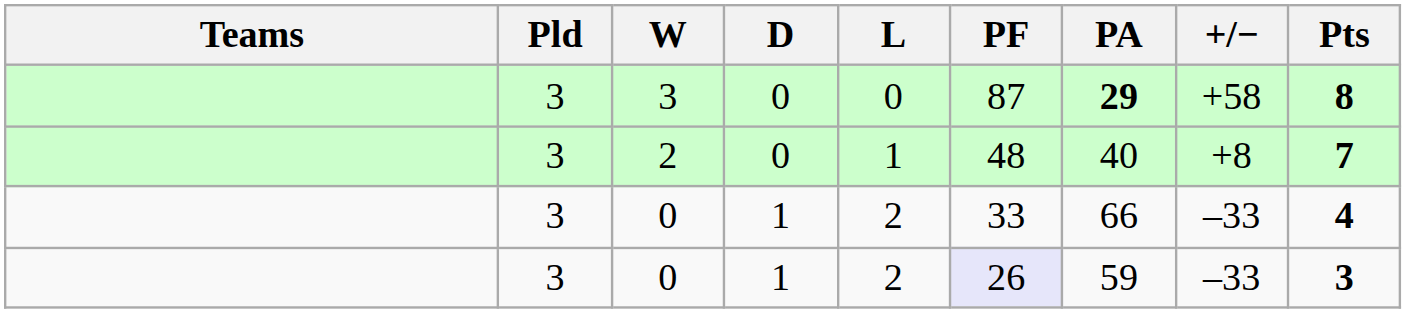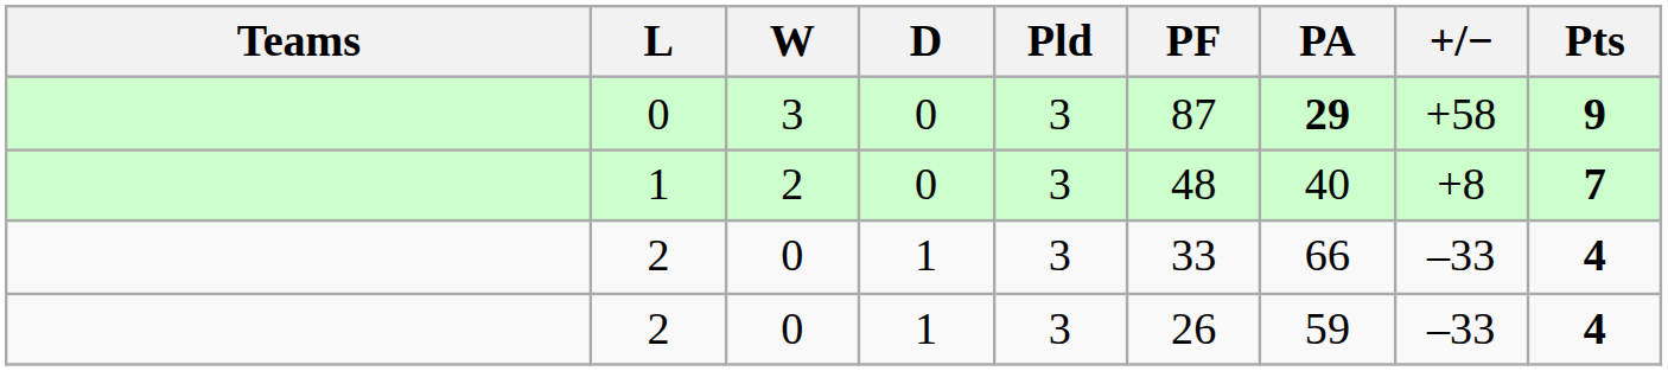 <table class="wikitable" style="text-align: center;">
 <tr>
 <th width="200">Teams</th>
-<th width="40">Pld</th>
+<th width="40">L</th>
 <th width="40">W</th>
 <th width="40">D</th>
-<th width="40">L</th>
+<th width="40">Pld</th>
 <th width="40">PF</th>
 <th width="40">PA</th>
 <th width="40">+/−</th>
 <th width="40">Pts</th>
 </tr>
 <tr bgcolor=ccffcc>
 <td align=left></td>
-<td>3</td>
+<td>0</td>
 <td>3</td>
 <td>0</td>
-<td>0</td>
+<td>3</td>
 <td>87</td>
 <td><strong>29</strong></td>
 <td>+58</td>
-<td><strong>8</strong></td>
+<td><strong>9</strong></td>
 </tr>
 <tr bgcolor=ccffcc>
 <td align=left></td>
-<td>3</td>
+<td>1</td>
 <td>2</td>
 <td>0</td>
-<td>1</td>
+<td>3</td>
 <td>48</td>
 <td>40</td>
 <td>+8</td>
 <td><strong>7</strong></td>
 </tr>
 <tr>
 <td align=left></td>
-<td>3</td>
+<td>2</td>
 <td>0</td>
 <td>1</td>
-<td>2</td>
+<td>3</td>
 <td>33</td>
 <td>66</td>
 <td>–33</td>
 <td><strong>4</strong></td>
 </tr>
 <tr>
 <td align=left></td>
-<td>3</td>
+<td>2</td>
 <td>0</td>
 <td>1</td>
-<td>2</td>
-<td style="background: lavender;">26</td>
+<td>3</td>
+<td>26</td>
 <td>59</td>
 <td>–33</td>
-<td><strong>3</strong></td>
+<td><strong>4</strong></td>
 </tr>
 </table>
